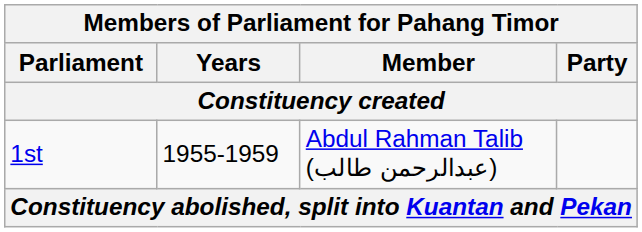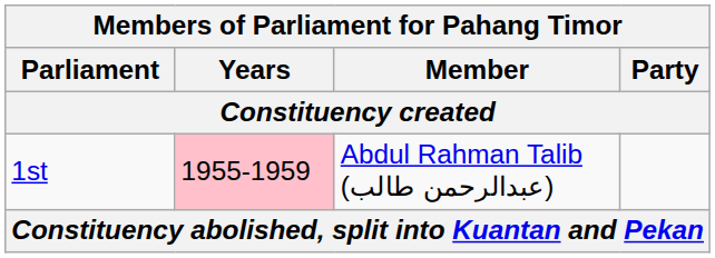 <table class="wikitable">
 <tr>
 <th colspan="4">Members of Parliament for Pahang Timor</th>
 </tr>
 <tr>
 <th>Parliament</th>
 <th>Years</th>
 <th>Member</th>
 <th>Party</th>
 </tr>
 <tr>
 <th colspan="4"><em>Constituency created</em></th>
 </tr>
 <tr>
 <td><a href='#'>1st</a></td>
-<td>1955-1959</td>
+<td style="background: pink;">1955-1959</td>
 <td><a href='#'>Abdul Rahman Talib</a> <br> (عبدالرحمن طالب)</td>
 <td></td>
 </tr>
 <tr>
 <th colspan="4"><em>Constituency abolished, split into <a href='#'>Kuantan</a> and <a href='#'>Pekan</a></em></th>
 </tr>
 </table>
